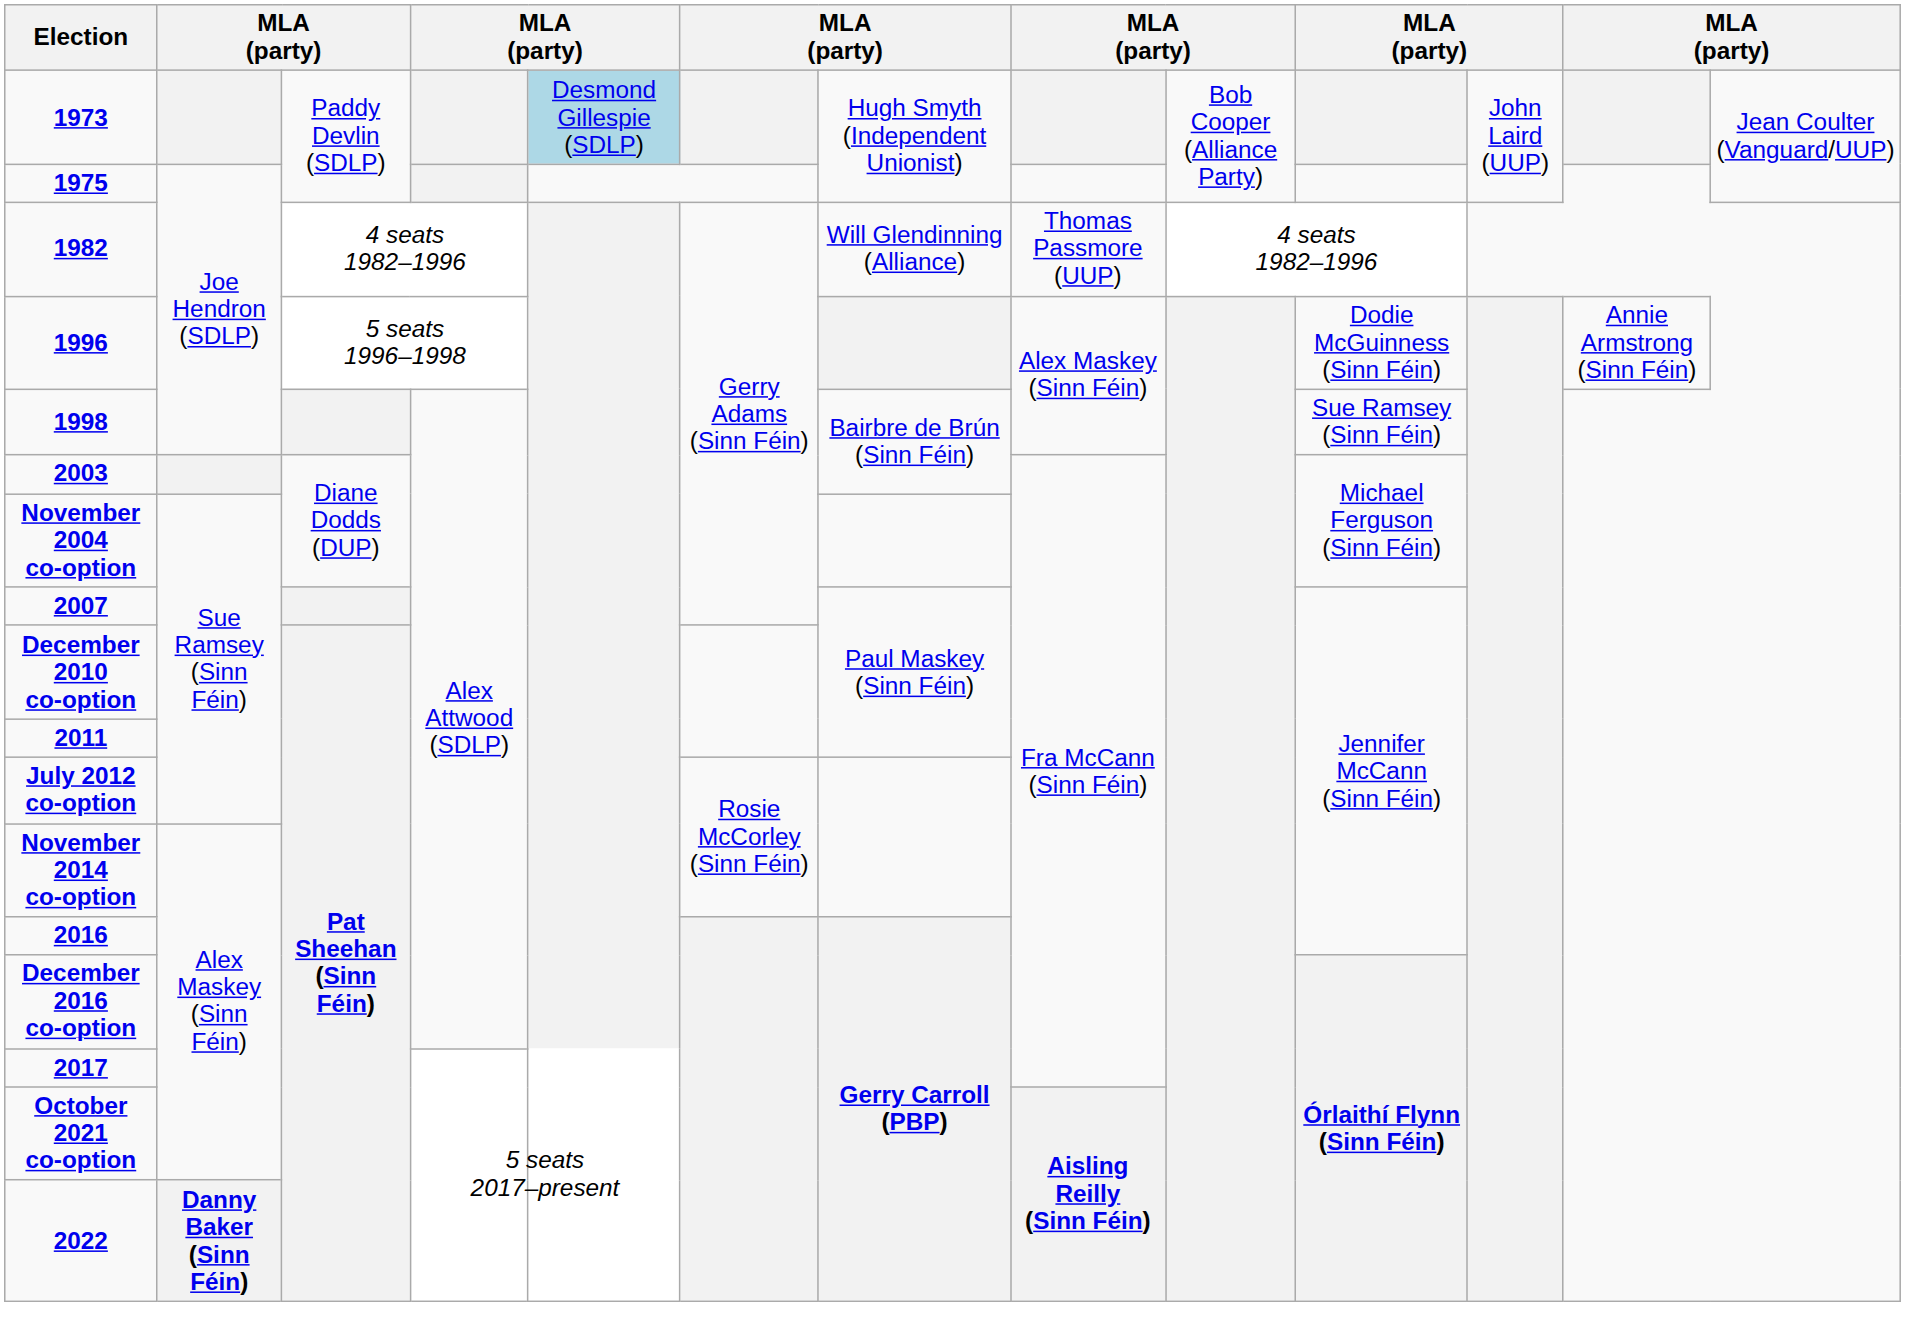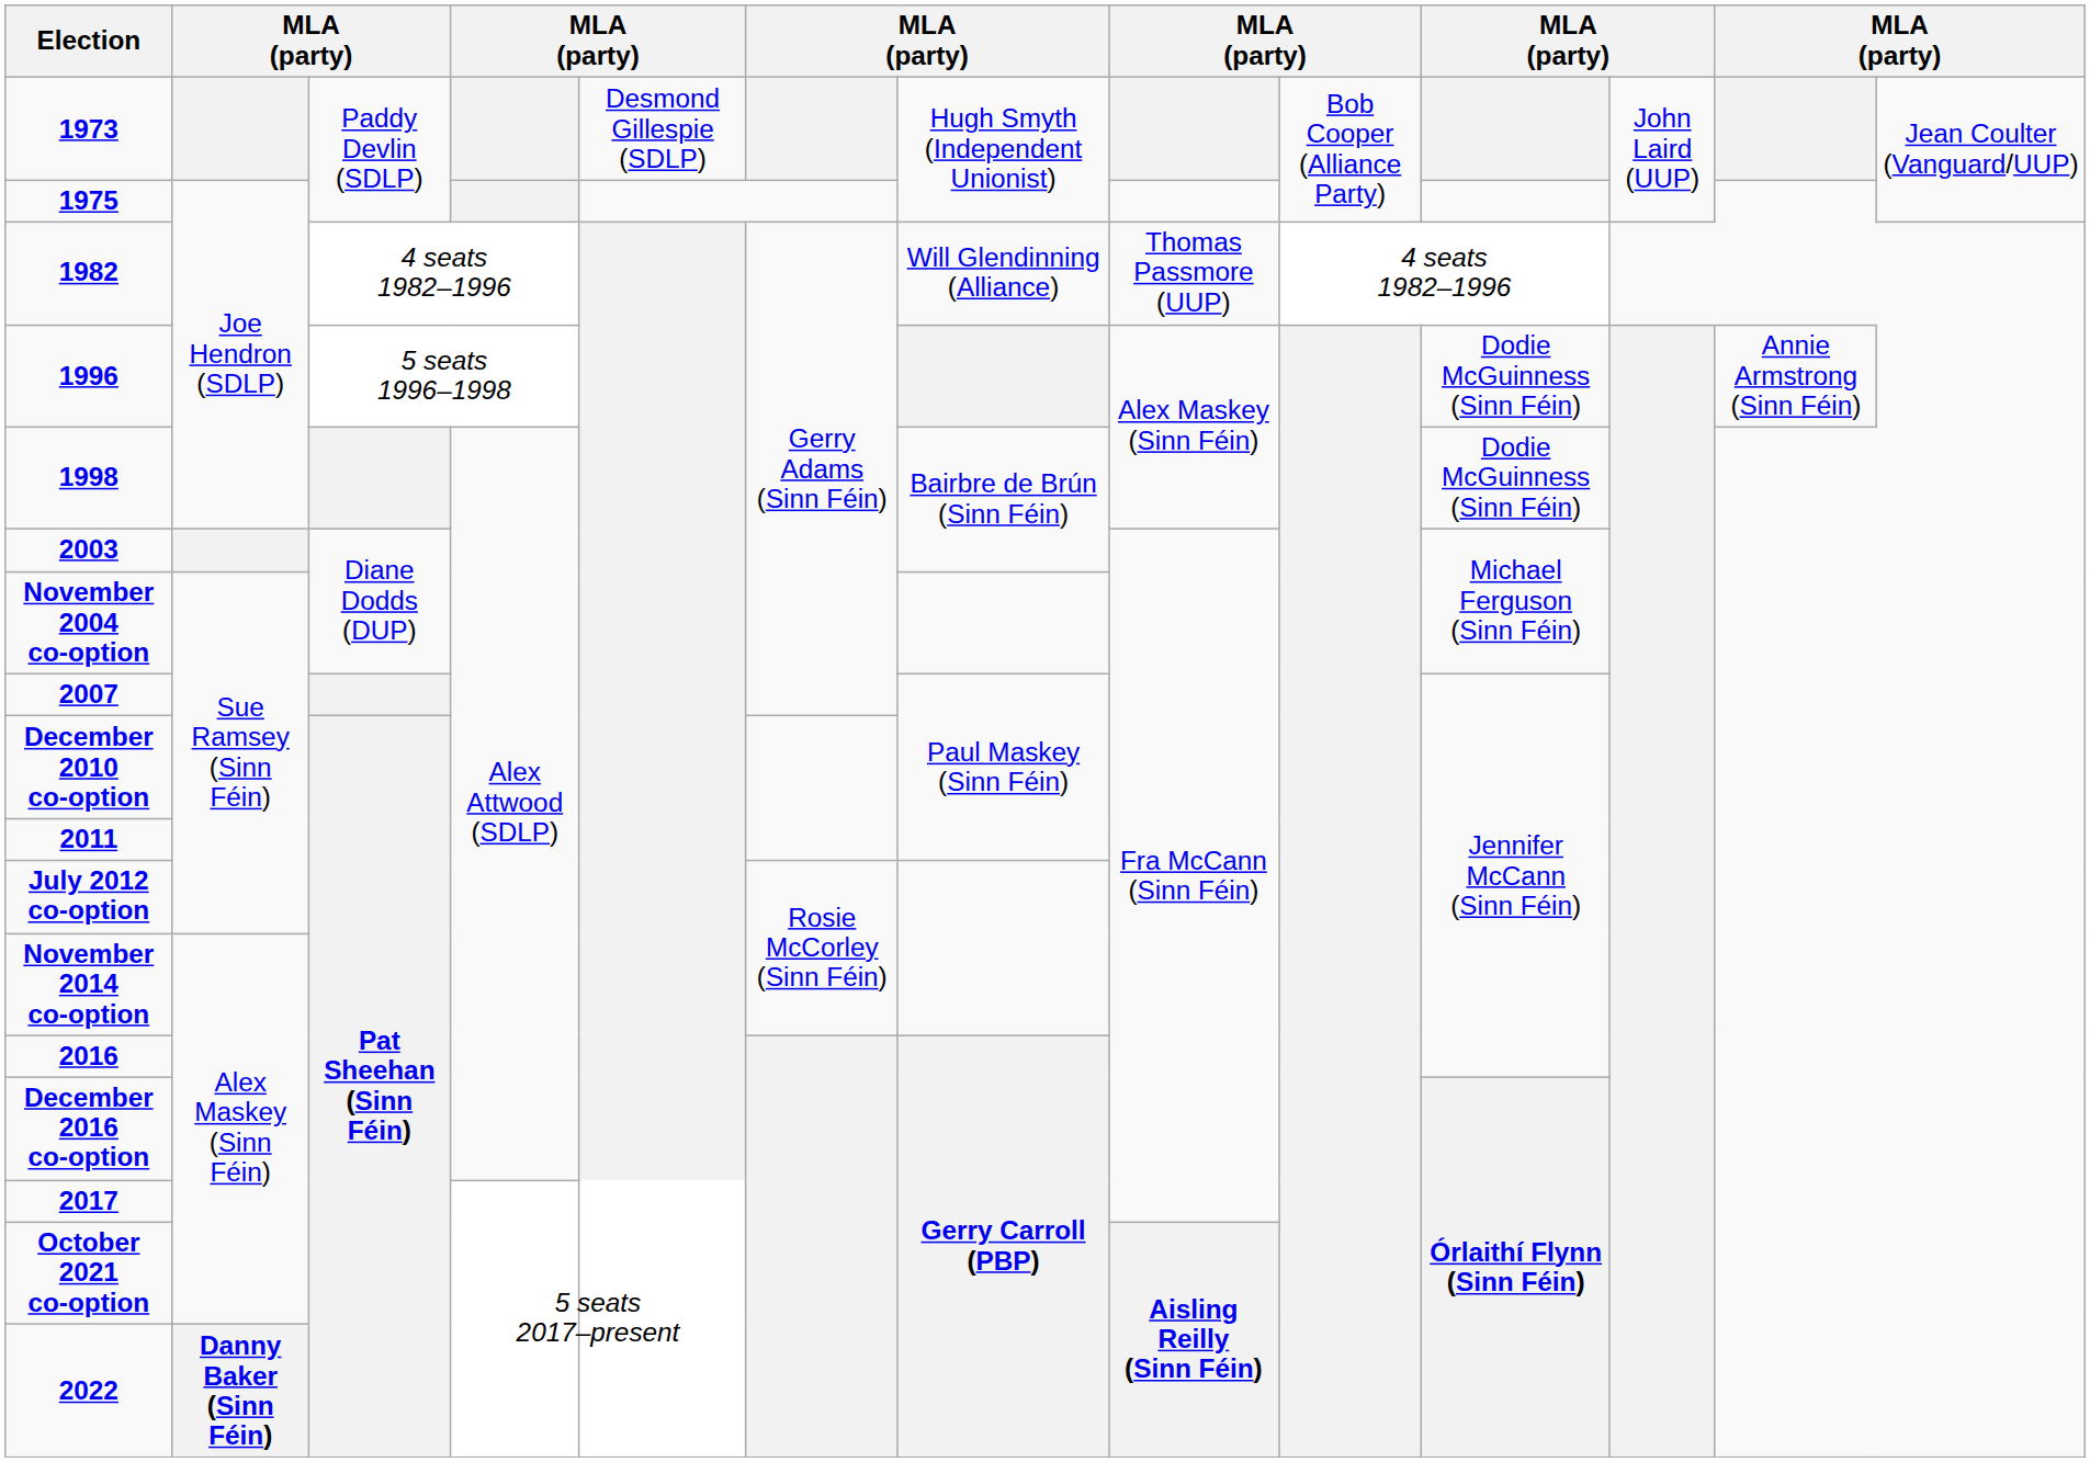 <table class="wikitable" style="text-align:center">
 <tr>
 <th>Election</th>
 <th scope="col" width="150" colspan = "2">MLA<br> (party)</th>
 <th scope="col" width="150" colspan = "2">MLA<br> (party)</th>
 <th scope="col" width="150" colspan = "2">MLA<br> (party)</th>
 <th scope="col" width="150" colspan = "2">MLA<br> (party)</th>
 <th scope="col" width="150" colspan = "2">MLA<br> (party)</th>
 <th scope="col" width="150" colspan = "2">MLA<br> (party)</th>
 </tr>
 <tr>
 <td><strong><a href='#'>1973</a></strong></td>
 <th style="background-color: "></th>
 <td rowspan=2><a href='#'>Paddy Devlin</a><br>(<a href='#'>SDLP</a>)</td>
 <th style="background-color: "></th>
-<td style="background: lightblue;"><a href='#'>Desmond Gillespie</a><br>(<a href='#'>SDLP</a>)</td>
+<td><a href='#'>Desmond Gillespie</a><br>(<a href='#'>SDLP</a>)</td>
 <th style="background-color: "></th>
 <td rowspan=2><a href='#'>Hugh Smyth</a><br>(<a href='#'>Independent Unionist</a>)</td>
 <th style="background-color: "></th>
 <td rowspan=2><a href='#'>Bob Cooper</a><br>(<a href='#'>Alliance Party</a>)</td>
 <th style="background-color: "></th>
 <td rowspan=2><a href='#'>John Laird</a><br>(<a href='#'>UUP</a>)</td>
 <th style="background-color: "></th>
 <td rowspan=2><a href='#'>Jean Coulter</a><br>(<a href='#'>Vanguard</a>/<a href='#'>UUP</a>)</td>
 </tr>
 <tr>
 <td><strong><a href='#'>1975</a></strong></td>
 <td rowspan=4><a href='#'>Joe Hendron</a><br>(<a href='#'>SDLP</a>)</td>
 <th style="background-color: "></th>
 </tr>
 <tr>
 <td><strong><a href='#'>1982</a></strong></td>
 <td style="background-color:#FFFFFF" colspan=2><em>4 seats<br>1982–1996</em></td>
 <th rowspan="15" style="background-color: "></th>
 <td rowspan=6><a href='#'>Gerry Adams</a><br>(<a href='#'>Sinn Féin</a>)</td>
 <td><a href='#'>Will Glendinning</a><br>(<a href='#'>Alliance</a>)</td>
 <td><a href='#'>Thomas Passmore</a><br>(<a href='#'>UUP</a>)</td>
 <td style="background-color:#FFFFFF" colspan=2><em>4 seats<br>1982–1996</em></td>
 </tr>
 <tr>
 <td><strong><a href='#'>1996</a></strong></td>
 <td style="background-color:#FFFFFF" colspan=2><em>5 seats<br>1996–1998</em></td>
 <th style="background-color: "></th>
 <td rowspan=2><a href='#'>Alex Maskey</a><br>(<a href='#'>Sinn Féin</a>)</td>
 <th rowspan="14" style="background-color: "></th>
 <td><a href='#'>Dodie McGuinness</a><br>(<a href='#'>Sinn Féin</a>)</td>
 <th rowspan="14" style="background-color: "></th>
 <td><a href='#'>Annie Armstrong</a><br>(<a href='#'>Sinn Féin</a>)</td>
 </tr>
 <tr>
 <td><strong><a href='#'>1998</a></strong></td>
 <th style="background-color: "></th>
 <td rowspan=10><a href='#'>Alex Attwood</a><br>(<a href='#'>SDLP</a>)</td>
 <td rowspan=2><a href='#'>Bairbre de Brún</a><br>(<a href='#'>Sinn Féin</a>)</td>
-<td><a href='#'>Sue Ramsey</a><br>(<a href='#'>Sinn Féin</a>)</td>
+<td><a href='#'>Dodie McGuinness</a><br>(<a href='#'>Sinn Féin</a>)</td>
 </tr>
 <tr>
 <td><strong><a href='#'>2003</a></strong></td>
 <th style="background-color: "></th>
 <td rowspan=2><a href='#'>Diane Dodds</a><br>(<a href='#'>DUP</a>)</td>
 <td rowspan="10"><a href='#'>Fra McCann</a><br>(<a href='#'>Sinn Féin</a>)</td>
 <td rowspan=2><a href='#'>Michael Ferguson</a><br>(<a href='#'>Sinn Féin</a>)</td>
 </tr>
 <tr>
 <td><strong><a href='#'>November 2004<br>co-option</a></strong></td>
 <td rowspan=5><a href='#'>Sue Ramsey</a><br>(<a href='#'>Sinn Féin</a>)</td>
 </tr>
 <tr>
 <td><strong><a href='#'>2007</a></strong></td>
 <th style="background-color: "></th>
 <td rowspan=3><a href='#'>Paul Maskey</a><br>(<a href='#'>Sinn Féin</a>)</td>
 <td rowspan=6><a href='#'>Jennifer McCann</a><br>(<a href='#'>Sinn Féin</a>)</td>
 </tr>
 <tr>
 <td><strong><a href='#'>December 2010<br>co-option</a></strong></td>
 <th rowspan="9"><a href='#'>Pat Sheehan</a><br>(<a href='#'>Sinn Féin</a>)</th>
 </tr>
 <tr>
 <td><strong><a href='#'>2011</a></strong></td>
 </tr>
 <tr>
 <td><strong><a href='#'>July 2012<br>co-option</a></strong></td>
 <td rowspan=2><a href='#'>Rosie McCorley</a><br>(<a href='#'>Sinn Féin</a>)</td>
 </tr>
 <tr>
 <td><strong><a href='#'>November 2014<br>co-option</a></strong></td>
 <td rowspan="5"><a href='#'>Alex Maskey</a><br>(<a href='#'>Sinn Féin</a>)</td>
 </tr>
 <tr>
 <td><strong><a href='#'>2016</a></strong></td>
 <th rowspan="5" style="background-color: "></th>
 <th rowspan="5"><a href='#'>Gerry Carroll</a><br>(<a href='#'>PBP</a>)</th>
 </tr>
 <tr>
 <td><strong><a href='#'>December 2016<br>co-option</a></strong></td>
 <th rowspan="4"><a href='#'>Órlaithí Flynn</a><br>(<a href='#'>Sinn Féin</a>)</th>
 </tr>
 <tr>
 <td><strong><a href='#'>2017</a></strong></td>
 <td colspan="2" rowspan="3" style="background-color:#FFFFFF"><em>5 seats<br>2017–present</em></td>
 </tr>
 <tr>
 <td><strong><a href='#'>October 2021<br>co-option</a></strong></td>
 <th rowspan="2"><a href='#'>Aisling Reilly</a><br>(<a href='#'>Sinn Féin</a>)</th>
 </tr>
 <tr>
 <td><strong><a href='#'>2022</a></strong></td>
 <th><a href='#'>Danny Baker</a><br>(<a href='#'>Sinn Féin</a>)</th>
 </tr>
 </table>
